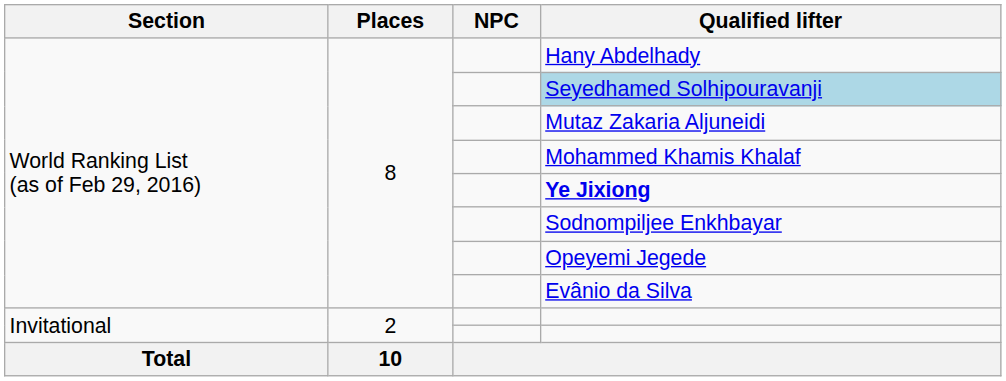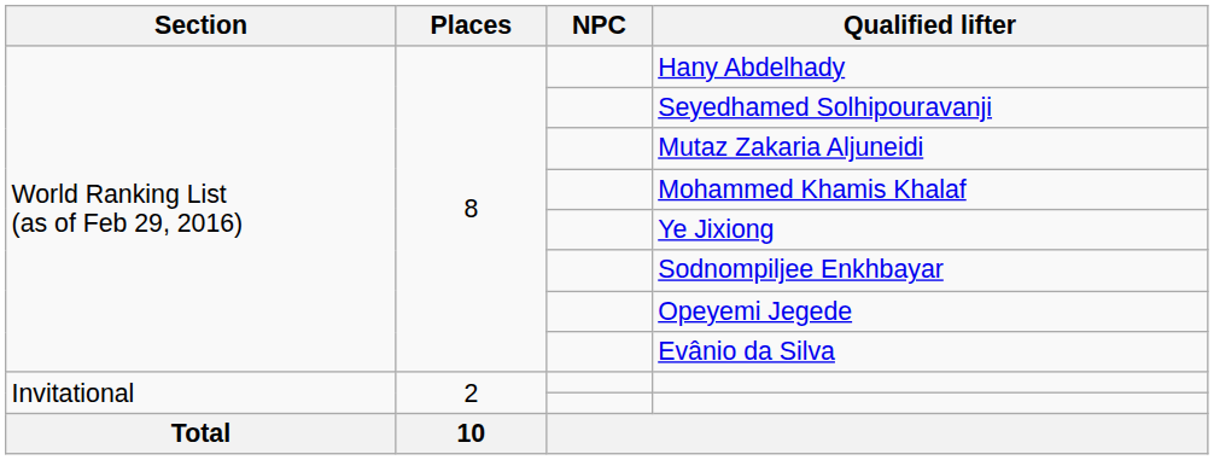 <table class="wikitable"  width=750>
 <tr>
 <th>Section</th>
 <th>Places</th>
 <th>NPC</th>
 <th>Qualified lifter</th>
 </tr>
 <tr>
 <td rowspan=8>World Ranking List<br>(as of Feb 29, 2016)</td>
 <td rowspan=8 align=center>8</td>
 <td></td>
 <td><a href='#'>Hany Abdelhady</a></td>
 </tr>
 <tr>
 <td></td>
-<td style="background: lightblue;"><a href='#'>Seyedhamed Solhipouravanji</a></td>
+<td><a href='#'>Seyedhamed Solhipouravanji</a></td>
 </tr>
 <tr>
 <td></td>
 <td><a href='#'>Mutaz Zakaria Aljuneidi</a></td>
 </tr>
 <tr>
 <td></td>
 <td><a href='#'>Mohammed Khamis Khalaf</a></td>
 </tr>
 <tr>
 <td></td>
-<td><strong><a href='#'>Ye Jixiong</a></strong></td>
+<td><a href='#'>Ye Jixiong</a></td>
 </tr>
 <tr>
 <td></td>
 <td><a href='#'>Sodnompiljee Enkhbayar</a></td>
 </tr>
 <tr>
 <td></td>
 <td><a href='#'>Opeyemi Jegede</a></td>
 </tr>
 <tr>
 <td></td>
 <td><a href='#'>Evânio da Silva</a></td>
 </tr>
 <tr>
 <td rowspan=2>Invitational</td>
 <td rowspan="2" align=center>2</td>
 <td></td>
 <td></td>
 </tr>
 <tr>
 <td></td>
 <td></td>
 </tr>
 <tr>
 <th>Total</th>
 <th>10</th>
 <th colspan=2></th>
 </tr>
 </table>
